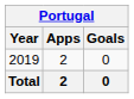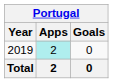 <table class="wikitable" style="text-align:center">
 <tr>
 <th colspan=3><a href='#'>Portugal</a></th>
 </tr>
 <tr>
 <th>Year</th>
 <th>Apps</th>
 <th>Goals</th>
 </tr>
 <tr>
 <td>2019</td>
-<td>2</td>
+<td style="background: paleturquoise;">2</td>
 <td>0</td>
 </tr>
 <tr>
 <th>Total</th>
 <th>2</th>
 <th>0</th>
 </tr>
 </table>
